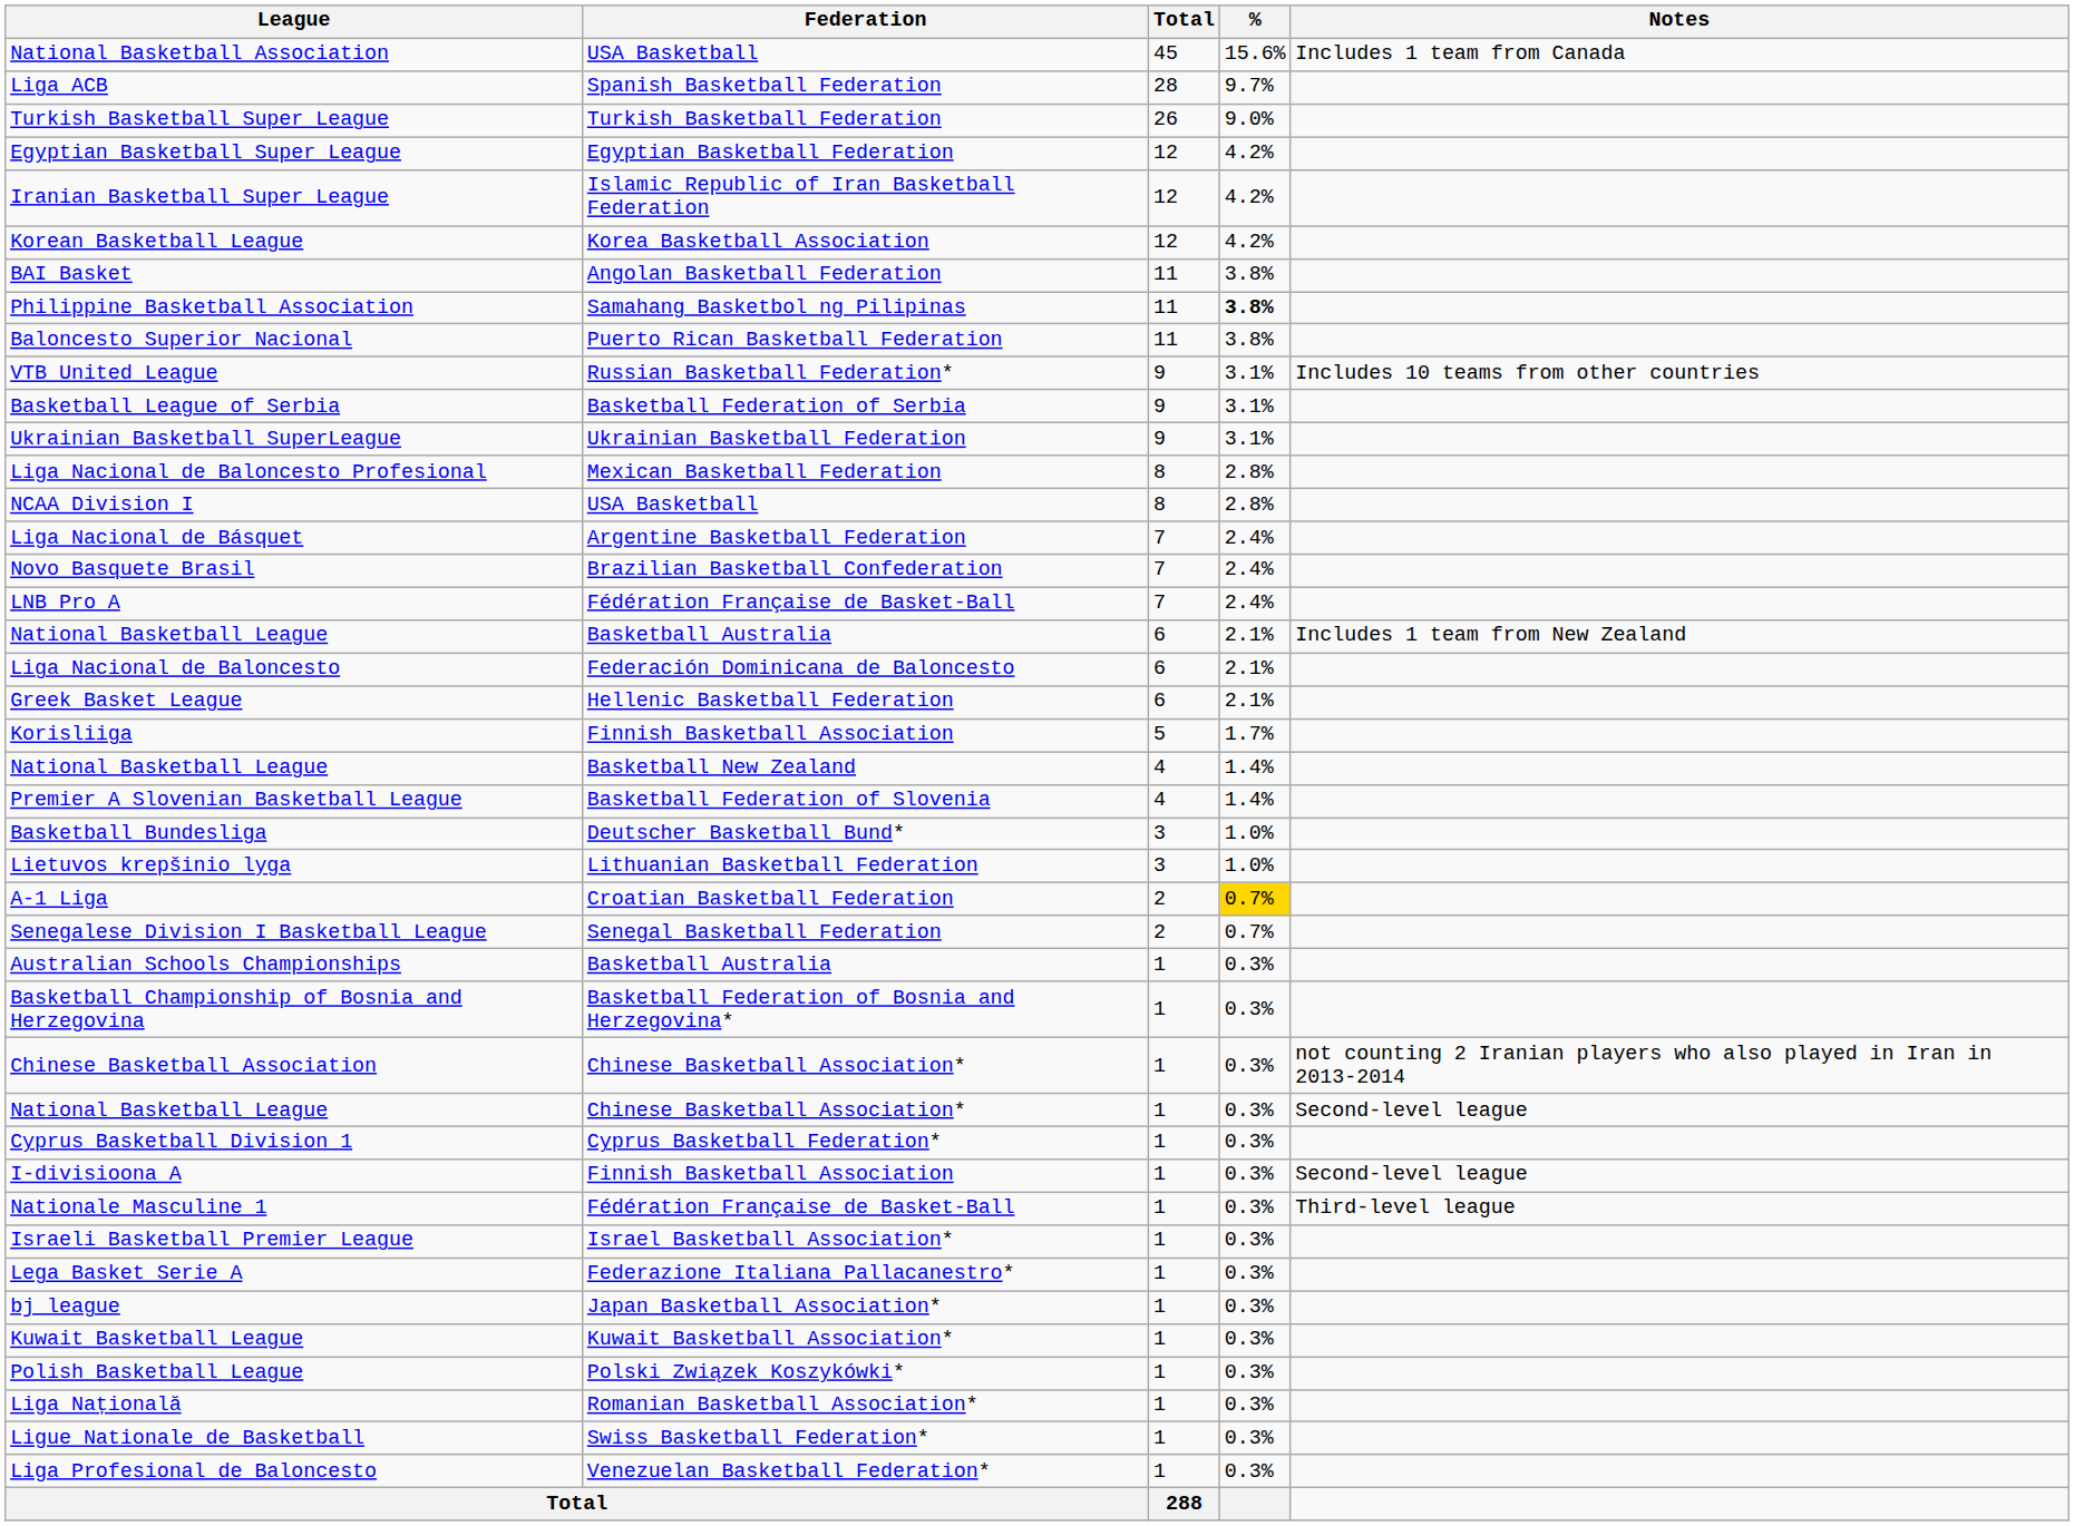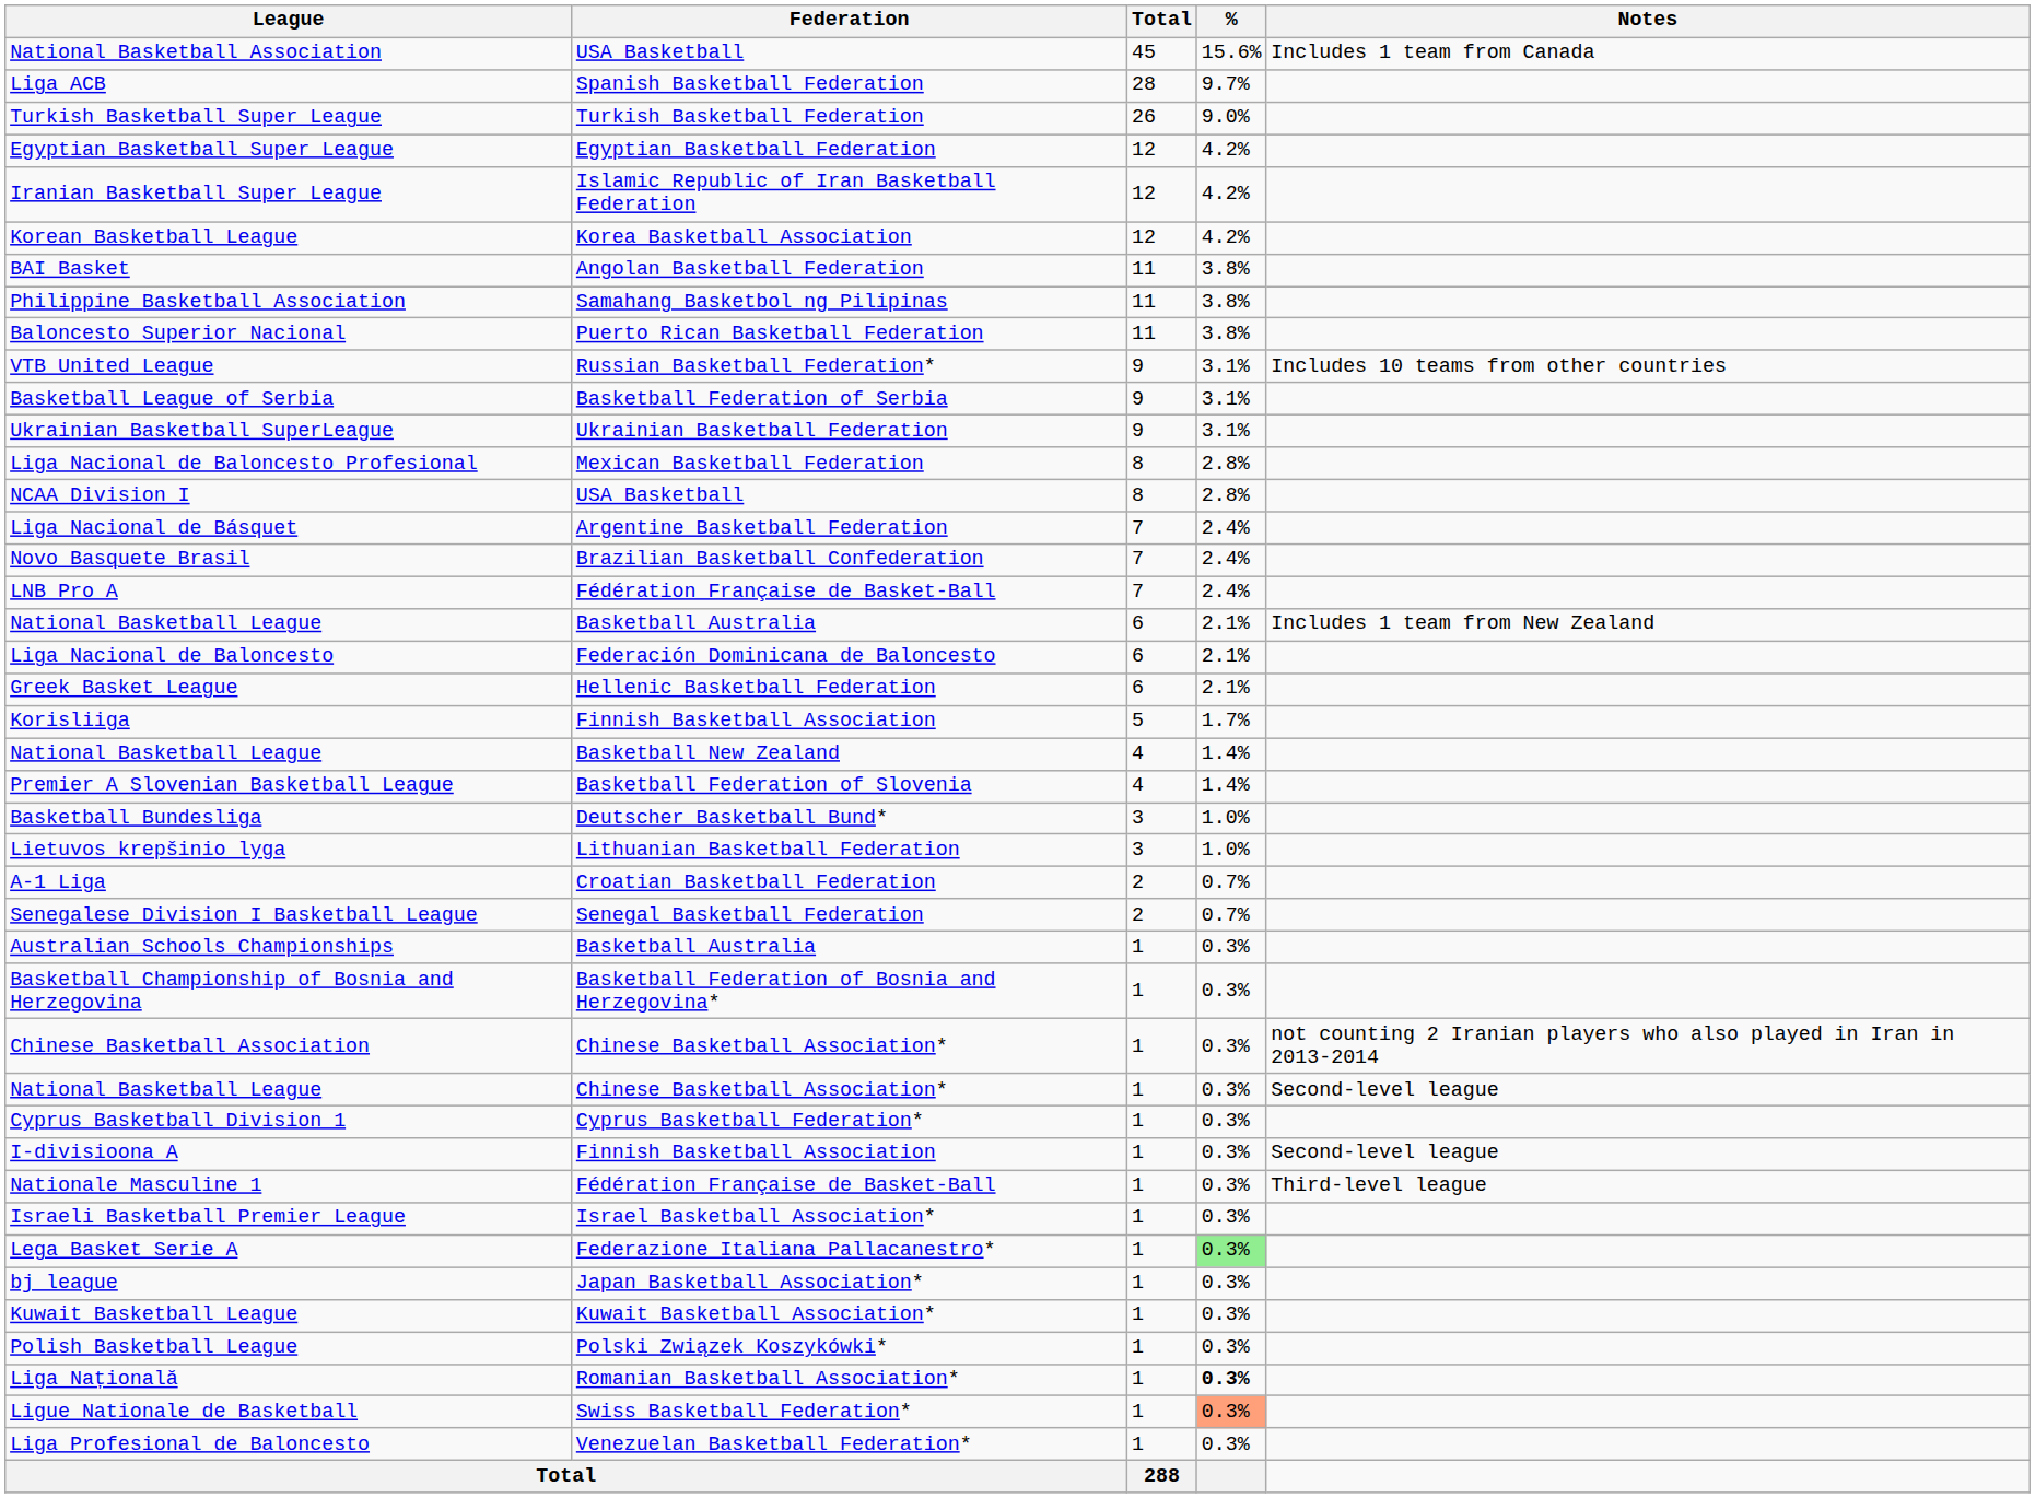 <table class=wikitable style="font-size:95%;">
 <tr>
 <th>League</th>
 <th>Federation</th>
 <th>Total</th>
 <th>%</th>
 <th>Notes</th>
 </tr>
 <tr>
 <td><a href='#'>National Basketball Association</a></td>
 <td> <a href='#'>USA Basketball</a></td>
 <td>45</td>
 <td>15.6%</td>
 <td>Includes 1 team from Canada</td>
 </tr>
 <tr>
 <td><a href='#'>Liga ACB</a></td>
 <td> <a href='#'>Spanish Basketball Federation</a></td>
 <td>28</td>
 <td>9.7%</td>
 <td></td>
 </tr>
 <tr>
 <td><a href='#'>Turkish Basketball Super League</a></td>
 <td> <a href='#'>Turkish Basketball Federation</a></td>
 <td>26</td>
 <td>9.0%</td>
 <td></td>
 </tr>
 <tr>
 <td><a href='#'>Egyptian Basketball Super League</a></td>
 <td> <a href='#'>Egyptian Basketball Federation</a></td>
 <td>12</td>
 <td>4.2%</td>
 <td></td>
 </tr>
 <tr>
 <td><a href='#'>Iranian Basketball Super League</a></td>
 <td> <a href='#'>Islamic Republic of Iran Basketball Federation</a></td>
 <td>12</td>
 <td>4.2%</td>
 <td></td>
 </tr>
 <tr>
 <td><a href='#'>Korean Basketball League</a></td>
 <td> <a href='#'>Korea Basketball Association</a></td>
 <td>12</td>
 <td>4.2%</td>
 <td></td>
 </tr>
 <tr>
 <td><a href='#'>BAI Basket</a></td>
 <td> <a href='#'>Angolan Basketball Federation</a></td>
 <td>11</td>
 <td>3.8%</td>
 <td></td>
 </tr>
 <tr>
 <td><a href='#'>Philippine Basketball Association</a></td>
 <td> <a href='#'>Samahang Basketbol ng Pilipinas</a></td>
 <td>11</td>
-<td><strong>3.8%</strong></td>
+<td>3.8%</td>
 <td></td>
 </tr>
 <tr>
 <td><a href='#'>Baloncesto Superior Nacional</a></td>
 <td> <a href='#'>Puerto Rican Basketball Federation</a></td>
 <td>11</td>
 <td>3.8%</td>
 <td></td>
 </tr>
 <tr>
 <td><a href='#'>VTB United League</a></td>
 <td> <a href='#'>Russian Basketball Federation</a>*</td>
 <td>9</td>
 <td>3.1%</td>
 <td>Includes 10 teams from other countries</td>
 </tr>
 <tr>
 <td><a href='#'>Basketball League of Serbia</a></td>
 <td> <a href='#'>Basketball Federation of Serbia</a></td>
 <td>9</td>
 <td>3.1%</td>
 <td></td>
 </tr>
 <tr>
 <td><a href='#'>Ukrainian Basketball SuperLeague</a></td>
 <td> <a href='#'>Ukrainian Basketball Federation</a></td>
 <td>9</td>
 <td>3.1%</td>
 <td></td>
 </tr>
 <tr>
 <td><a href='#'>Liga Nacional de Baloncesto Profesional</a></td>
 <td> <a href='#'>Mexican Basketball Federation</a></td>
 <td>8</td>
 <td>2.8%</td>
 <td></td>
 </tr>
 <tr>
 <td><a href='#'>NCAA Division I</a></td>
 <td> <a href='#'>USA Basketball</a></td>
 <td>8</td>
 <td>2.8%</td>
 <td></td>
 </tr>
 <tr>
 <td><a href='#'>Liga Nacional de Básquet</a></td>
 <td> <a href='#'>Argentine Basketball Federation</a></td>
 <td>7</td>
 <td>2.4%</td>
 <td></td>
 </tr>
 <tr>
 <td><a href='#'>Novo Basquete Brasil</a></td>
 <td> <a href='#'>Brazilian Basketball Confederation</a></td>
 <td>7</td>
 <td>2.4%</td>
 <td></td>
 </tr>
 <tr>
 <td><a href='#'>LNB Pro A</a></td>
 <td> <a href='#'>Fédération Française de Basket-Ball</a></td>
 <td>7</td>
 <td>2.4%</td>
 <td></td>
 </tr>
 <tr>
 <td><a href='#'>National Basketball League</a></td>
 <td> <a href='#'>Basketball Australia</a></td>
 <td>6</td>
 <td>2.1%</td>
 <td>Includes 1 team from New Zealand</td>
 </tr>
 <tr>
 <td><a href='#'>Liga Nacional de Baloncesto</a></td>
 <td> <a href='#'>Federación Dominicana de Baloncesto</a></td>
 <td>6</td>
 <td>2.1%</td>
 <td></td>
 </tr>
 <tr>
 <td><a href='#'>Greek Basket League</a></td>
 <td> <a href='#'>Hellenic Basketball Federation</a></td>
 <td>6</td>
 <td>2.1%</td>
 <td></td>
 </tr>
 <tr>
 <td><a href='#'>Korisliiga</a></td>
 <td> <a href='#'>Finnish Basketball Association</a></td>
 <td>5</td>
 <td>1.7%</td>
 <td></td>
 </tr>
 <tr>
 <td><a href='#'>National Basketball League</a></td>
 <td> <a href='#'>Basketball New Zealand</a></td>
 <td>4</td>
 <td>1.4%</td>
 <td></td>
 </tr>
 <tr>
 <td><a href='#'>Premier A Slovenian Basketball League</a></td>
 <td> <a href='#'>Basketball Federation of Slovenia</a></td>
 <td>4</td>
 <td>1.4%</td>
 <td></td>
 </tr>
 <tr>
 <td><a href='#'>Basketball Bundesliga</a></td>
 <td> <a href='#'>Deutscher Basketball Bund</a>*</td>
 <td>3</td>
 <td>1.0%</td>
 <td></td>
 </tr>
 <tr>
 <td><a href='#'>Lietuvos krepšinio lyga</a></td>
 <td> <a href='#'>Lithuanian Basketball Federation</a></td>
 <td>3</td>
 <td>1.0%</td>
 <td></td>
 </tr>
 <tr>
 <td><a href='#'>A-1 Liga</a></td>
 <td> <a href='#'>Croatian Basketball Federation</a></td>
 <td>2</td>
-<td style="background: gold;">0.7%</td>
+<td>0.7%</td>
 <td></td>
 </tr>
 <tr>
 <td><a href='#'>Senegalese Division I Basketball League</a></td>
 <td> <a href='#'>Senegal Basketball Federation</a></td>
 <td>2</td>
 <td>0.7%</td>
 <td></td>
 </tr>
 <tr>
 <td><a href='#'>Australian Schools Championships</a></td>
 <td> <a href='#'>Basketball Australia</a></td>
 <td>1</td>
 <td>0.3%</td>
 <td></td>
 </tr>
 <tr>
 <td><a href='#'>Basketball Championship of Bosnia and Herzegovina</a></td>
 <td> <a href='#'>Basketball Federation of Bosnia and Herzegovina</a>*</td>
 <td>1</td>
 <td>0.3%</td>
 <td></td>
 </tr>
 <tr>
 <td><a href='#'>Chinese Basketball Association</a></td>
 <td> <a href='#'>Chinese Basketball Association</a>*</td>
 <td>1</td>
 <td>0.3%</td>
 <td>not counting 2 Iranian players who also played in Iran in 2013-2014</td>
 </tr>
 <tr>
 <td><a href='#'>National Basketball League</a></td>
 <td> <a href='#'>Chinese Basketball Association</a>*</td>
 <td>1</td>
 <td>0.3%</td>
 <td>Second-level league</td>
 </tr>
 <tr>
 <td><a href='#'>Cyprus Basketball Division 1</a></td>
 <td> <a href='#'>Cyprus Basketball Federation</a>*</td>
 <td>1</td>
 <td>0.3%</td>
 <td></td>
 </tr>
 <tr>
 <td><a href='#'>I-divisioona A</a></td>
 <td> <a href='#'>Finnish Basketball Association</a></td>
 <td>1</td>
 <td>0.3%</td>
 <td>Second-level league</td>
 </tr>
 <tr>
 <td><a href='#'>Nationale Masculine 1</a></td>
 <td> <a href='#'>Fédération Française de Basket-Ball</a></td>
 <td>1</td>
 <td>0.3%</td>
 <td>Third-level league</td>
 </tr>
 <tr>
 <td><a href='#'>Israeli Basketball Premier League</a></td>
 <td> <a href='#'>Israel Basketball Association</a>*</td>
 <td>1</td>
 <td>0.3%</td>
 <td></td>
 </tr>
 <tr>
 <td><a href='#'>Lega Basket Serie A</a></td>
 <td> <a href='#'>Federazione Italiana Pallacanestro</a>*</td>
 <td>1</td>
-<td>0.3%</td>
+<td style="background: lightgreen;">0.3%</td>
 <td></td>
 </tr>
 <tr>
 <td><a href='#'>bj league</a></td>
 <td> <a href='#'>Japan Basketball Association</a>*</td>
 <td>1</td>
 <td>0.3%</td>
 <td></td>
 </tr>
 <tr>
 <td><a href='#'>Kuwait Basketball League</a></td>
 <td> <a href='#'>Kuwait Basketball Association</a>*</td>
 <td>1</td>
 <td>0.3%</td>
 <td></td>
 </tr>
 <tr>
 <td><a href='#'>Polish Basketball League</a></td>
 <td> <a href='#'>Polski Związek Koszykówki</a>*</td>
 <td>1</td>
 <td>0.3%</td>
 <td></td>
 </tr>
 <tr>
 <td><a href='#'>Liga Națională</a></td>
 <td> <a href='#'>Romanian Basketball Association</a>*</td>
 <td>1</td>
-<td>0.3%</td>
+<td><strong>0.3%</strong></td>
 <td></td>
 </tr>
 <tr>
 <td><a href='#'>Ligue Nationale de Basketball</a></td>
 <td> <a href='#'>Swiss Basketball Federation</a>*</td>
 <td>1</td>
-<td>0.3%</td>
+<td style="background: lightsalmon;">0.3%</td>
 <td></td>
 </tr>
 <tr>
 <td><a href='#'>Liga Profesional de Baloncesto</a></td>
 <td> <a href='#'>Venezuelan Basketball Federation</a>*</td>
 <td>1</td>
 <td>0.3%</td>
 <td></td>
 </tr>
 <tr>
 <th colspan=2>Total</th>
 <th>288</th>
 <th></th>
 </tr>
 </table>
